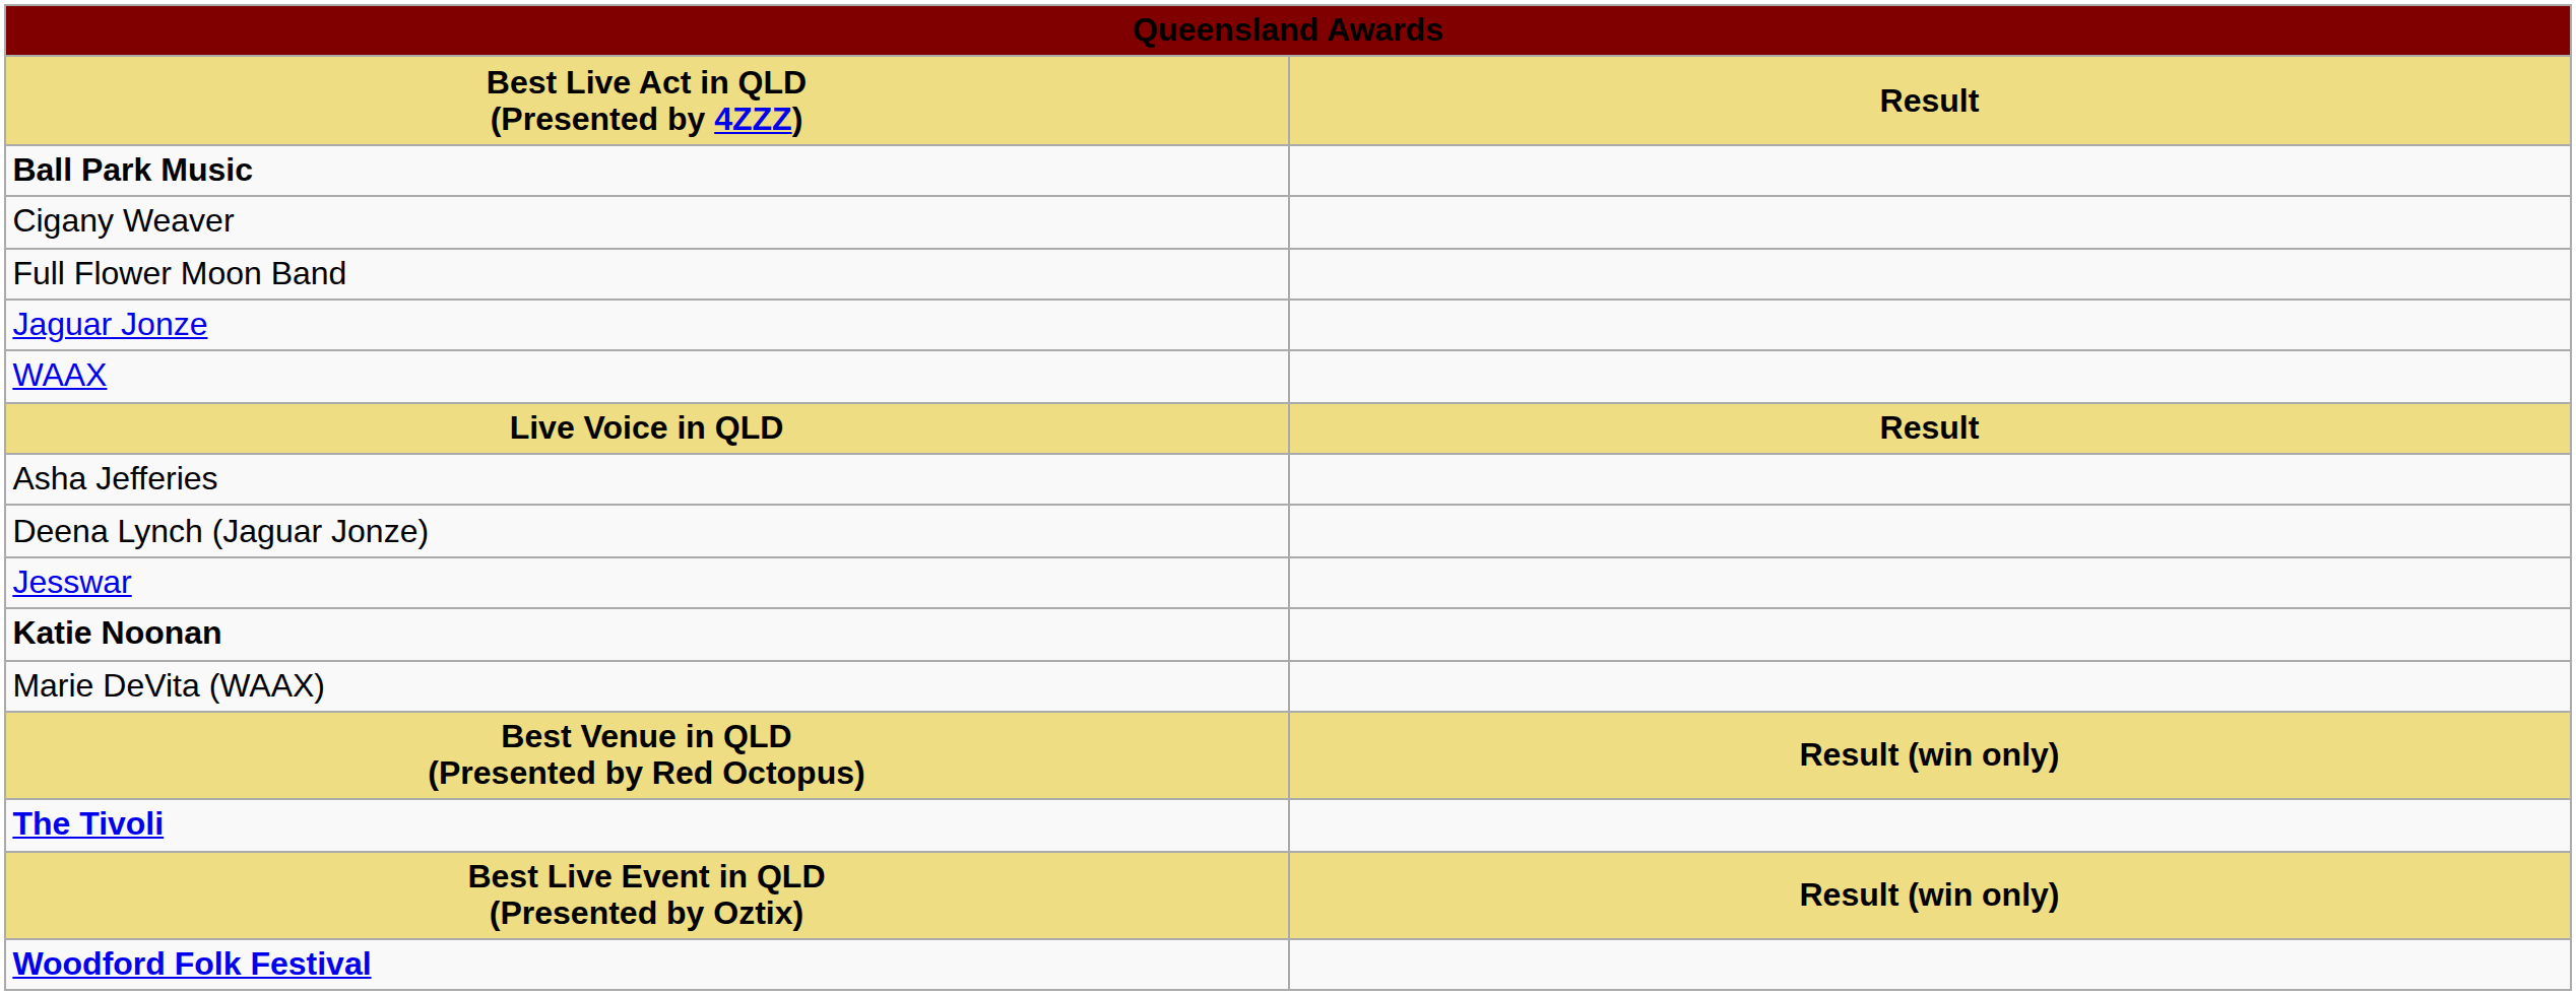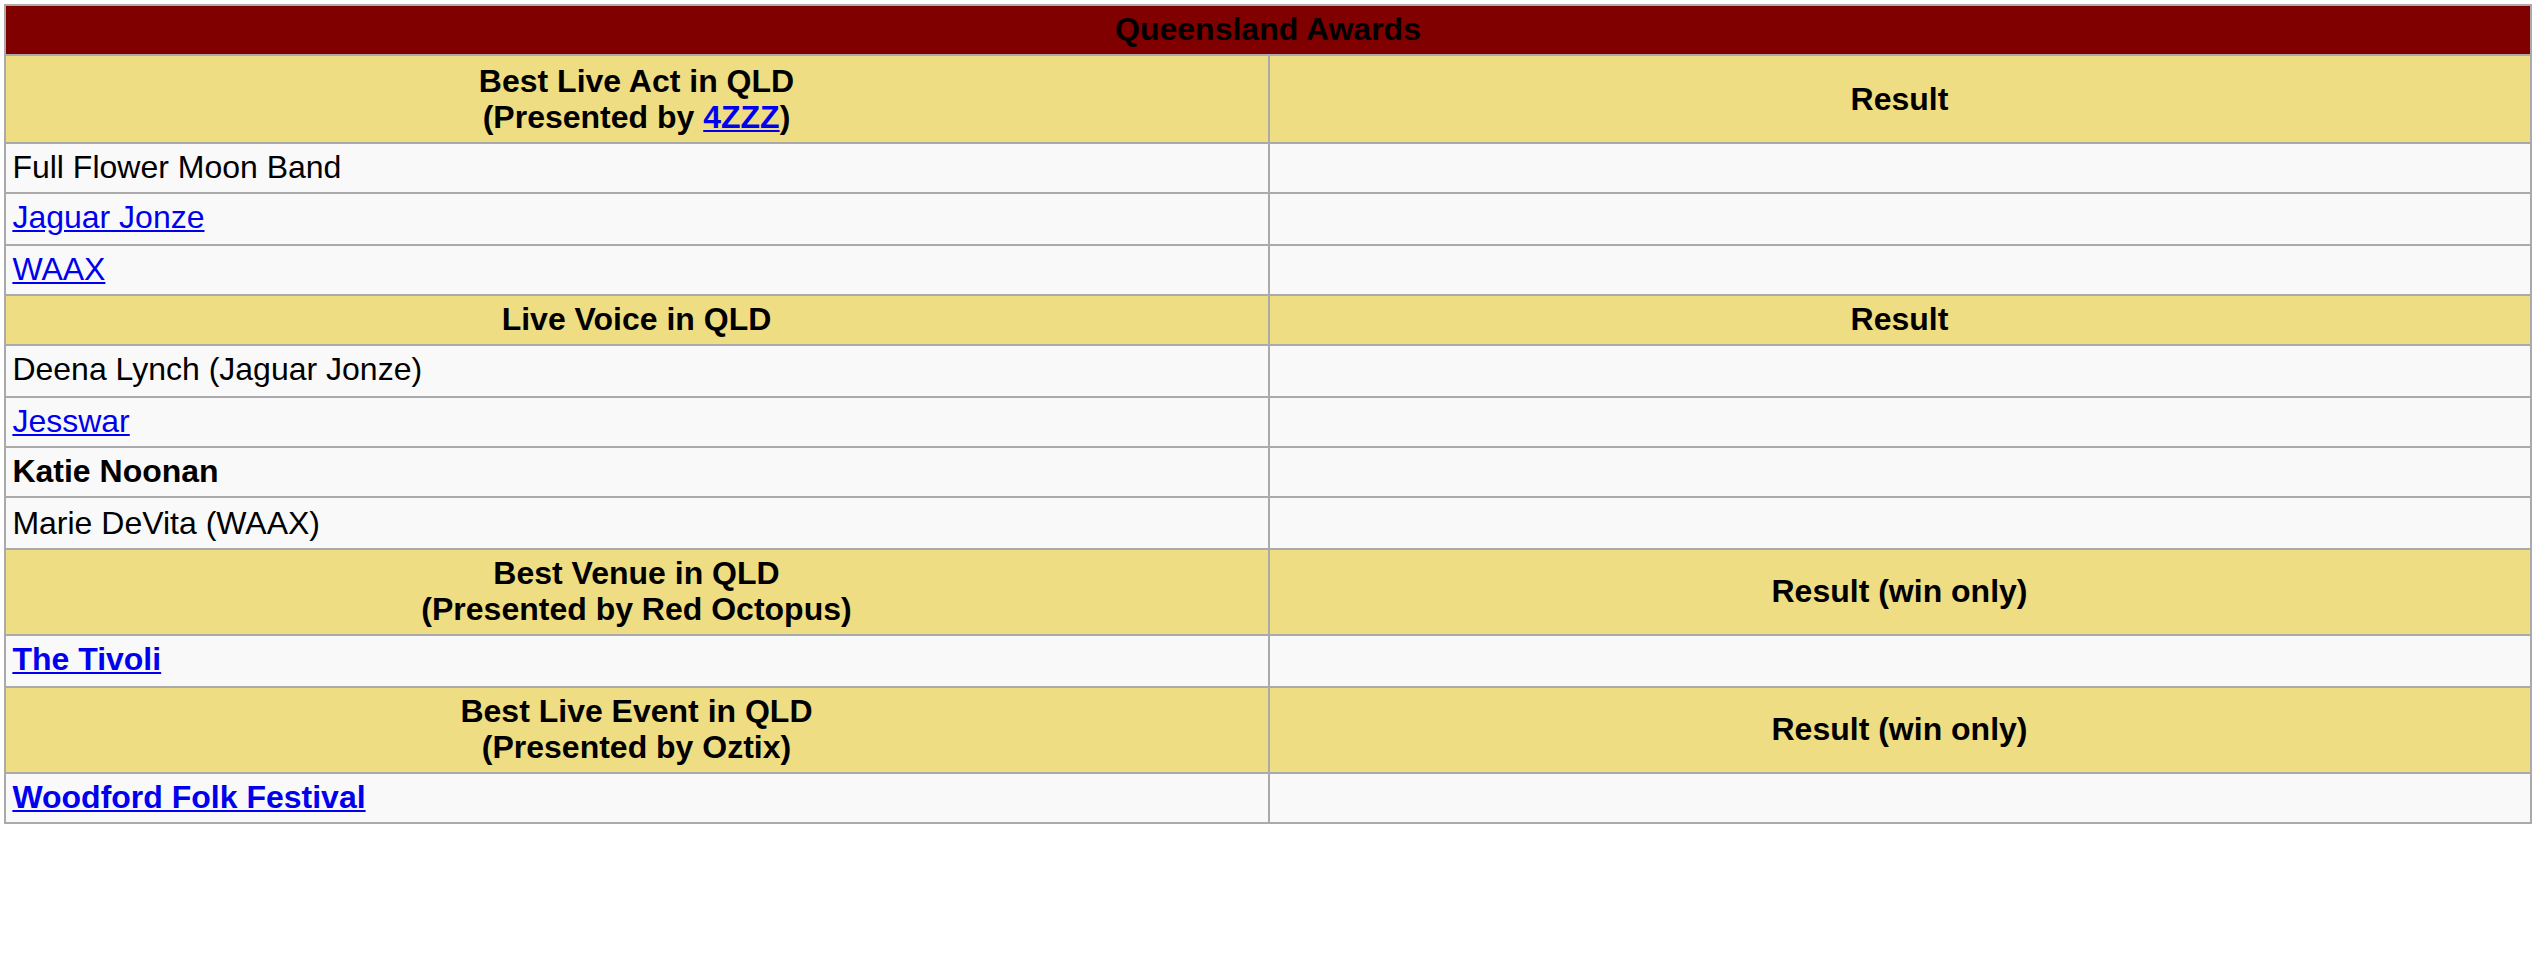 <table class="wikitable" width=100%>
 <tr>
 <th colspan="2" ! style="width:15%;background:maroon">Queensland Awards</th>
 </tr>
 <tr>
 <th style="width:10%;background:#EEDD82;">Best Live Act in QLD <br> (Presented by <a href='#'>4ZZZ</a>)</th>
 <th style="width:10%;background:#EEDD82;">Result</th>
-</tr>
-<tr>
-<td><strong>Ball Park Music</strong></td>
-<td></td>
-</tr>
-<tr>
-<td>Cigany Weaver</td>
-<td></td>
 </tr>
 <tr>
 <td>Full Flower Moon Band</td>
 <td></td>
 </tr>
 <tr>
 <td><a href='#'>Jaguar Jonze</a></td>
 <td></td>
 </tr>
 <tr>
 <td><a href='#'>WAAX</a></td>
 <td></td>
 </tr>
 <tr>
 <th style="width:10%;background:#EEDD82;">Live Voice in QLD</th>
 <th style="width:10%;background:#EEDD82;">Result</th>
-</tr>
-<tr>
-<td>Asha Jefferies</td>
-<td></td>
 </tr>
 <tr>
 <td>Deena Lynch (Jaguar Jonze)</td>
 <td></td>
 </tr>
 <tr>
 <td><a href='#'>Jesswar</a></td>
 <td></td>
 </tr>
 <tr>
 <td><strong>Katie Noonan</strong></td>
 <td></td>
 </tr>
 <tr>
 <td>Marie DeVita (WAAX)</td>
 <td></td>
 </tr>
 <tr>
 <th style="width:10%;background:#EEDD82;">Best Venue in QLD <br> (Presented by Red Octopus)</th>
 <th style="width:10%;background:#EEDD82;">Result (win only)</th>
 </tr>
 <tr>
 <td><strong><a href='#'>The Tivoli</a></strong></td>
 <td></td>
 </tr>
 <tr>
 <th style="width:10%;background:#EEDD82;">Best Live Event in QLD <br> (Presented by Oztix)</th>
 <th style="width:10%;background:#EEDD82;">Result (win only)</th>
 </tr>
 <tr>
 <td><strong><a href='#'>Woodford Folk Festival</a></strong></td>
 <td></td>
 </tr>
 <tr>
 </tr>
 </table>
